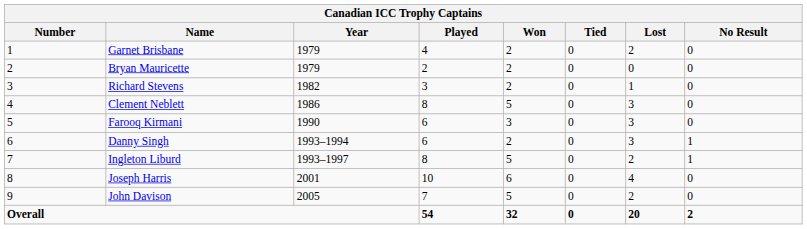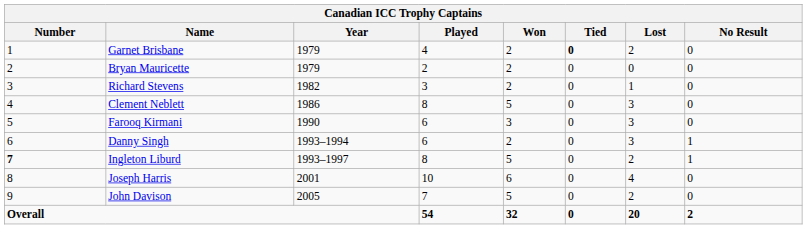 <table class="wikitable" width="70%">
 <tr>
 <th bgcolor="#efefef" colspan=9>Canadian ICC Trophy Captains</th>
 </tr>
 <tr bgcolor="#efefef">
 <th>Number</th>
 <th>Name</th>
 <th>Year</th>
 <th>Played</th>
 <th>Won</th>
 <th>Tied</th>
 <th>Lost</th>
 <th>No Result</th>
 </tr>
 <tr>
 <td>1</td>
 <td><a href='#'>Garnet Brisbane</a></td>
 <td>1979</td>
 <td>4</td>
 <td>2</td>
-<td>0</td>
+<td><strong>0</strong></td>
 <td>2</td>
 <td>0</td>
 </tr>
 <tr>
 <td>2</td>
 <td><a href='#'>Bryan Mauricette</a></td>
 <td>1979</td>
 <td>2</td>
 <td>2</td>
 <td>0</td>
 <td>0</td>
 <td>0</td>
 </tr>
 <tr>
 <td>3</td>
 <td><a href='#'>Richard Stevens</a></td>
 <td>1982</td>
 <td>3</td>
 <td>2</td>
 <td>0</td>
 <td>1</td>
 <td>0</td>
 </tr>
 <tr>
 <td>4</td>
 <td><a href='#'>Clement Neblett</a></td>
 <td>1986</td>
 <td>8</td>
 <td>5</td>
 <td>0</td>
 <td>3</td>
 <td>0</td>
 </tr>
 <tr>
 <td>5</td>
 <td><a href='#'>Farooq Kirmani</a></td>
 <td>1990</td>
 <td>6</td>
 <td>3</td>
 <td>0</td>
 <td>3</td>
 <td>0</td>
 </tr>
 <tr>
 <td>6</td>
 <td><a href='#'>Danny Singh</a></td>
 <td>1993–1994</td>
 <td>6</td>
 <td>2</td>
 <td>0</td>
 <td>3</td>
 <td>1</td>
 </tr>
 <tr>
-<td>7</td>
+<td><strong>7</strong></td>
 <td><a href='#'>Ingleton Liburd</a></td>
 <td>1993–1997</td>
 <td>8</td>
 <td>5</td>
 <td>0</td>
 <td>2</td>
 <td>1</td>
 </tr>
 <tr>
 <td>8</td>
 <td><a href='#'>Joseph Harris</a></td>
 <td>2001</td>
 <td>10</td>
 <td>6</td>
 <td>0</td>
 <td>4</td>
 <td>0</td>
 </tr>
 <tr>
 <td>9</td>
 <td><a href='#'>John Davison</a></td>
 <td>2005</td>
 <td>7</td>
 <td>5</td>
 <td>0</td>
 <td>2</td>
 <td>0</td>
 </tr>
 <tr>
 <td colspan=3><strong>Overall</strong></td>
 <td><strong>54</strong></td>
 <td><strong>32</strong></td>
 <td><strong>0</strong></td>
 <td><strong>20</strong></td>
 <td><strong>2</strong></td>
 </tr>
 </table>
